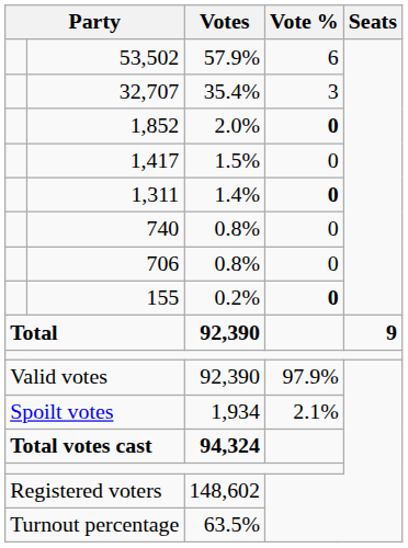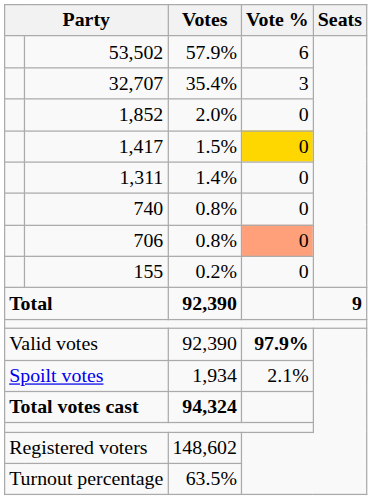 <table class=wikitable style="text-align:right">
 <tr>
 <th colspan=2>Party</th>
 <th>Votes</th>
 <th>Vote %</th>
 <th>Seats</th>
 </tr>
 <tr>
 <td></td>
 <td>53,502</td>
 <td>57.9%</td>
 <td>6</td>
 </tr>
 <tr>
 <td></td>
 <td>32,707</td>
 <td>35.4%</td>
 <td>3</td>
 </tr>
 <tr>
 <td></td>
 <td>1,852</td>
 <td>2.0%</td>
-<td><strong>0</strong></td>
+<td>0</td>
 </tr>
 <tr>
 <td></td>
 <td>1,417</td>
 <td>1.5%</td>
-<td>0</td>
+<td style="background: gold;">0</td>
 </tr>
 <tr>
 <td></td>
 <td>1,311</td>
 <td>1.4%</td>
-<td><strong>0</strong></td>
+<td>0</td>
 </tr>
 <tr>
 <td></td>
 <td>740</td>
 <td>0.8%</td>
 <td>0</td>
 </tr>
 <tr>
 <td></td>
 <td>706</td>
 <td>0.8%</td>
-<td>0</td>
+<td style="background: lightsalmon;">0</td>
 </tr>
 <tr>
 <td></td>
 <td>155</td>
 <td>0.2%</td>
-<td><strong>0</strong></td>
+<td>0</td>
 </tr>
 <tr>
 <td colspan=2 style="text-align:left"><strong>Total</strong></td>
 <td><strong>92,390</strong></td>
 <td></td>
 <td><strong>9</strong></td>
 </tr>
 <tr>
 <td colspan="5"></td>
 </tr>
 <tr>
 <td colspan="2" style="text-align:left">Valid votes</td>
 <td>92,390</td>
-<td>97.9%</td>
+<td><strong>97.9%</strong></td>
 </tr>
 <tr>
 <td colspan="2" style="text-align:left"><a href='#'>Spoilt votes</a></td>
 <td>1,934</td>
 <td>2.1%</td>
 </tr>
 <tr>
 <td colspan="2" style="text-align:left"><strong>Total votes cast</strong></td>
 <td><strong>94,324</strong></td>
 <td></td>
 </tr>
 <tr>
 <td colspan="4"></td>
 </tr>
 <tr>
 <td colspan="2" style="text-align:left">Registered voters</td>
 <td>148,602</td>
 </tr>
 <tr>
 <td colspan="2" style="text-align:left">Turnout percentage</td>
 <td>63.5%</td>
 </tr>
 </table>
